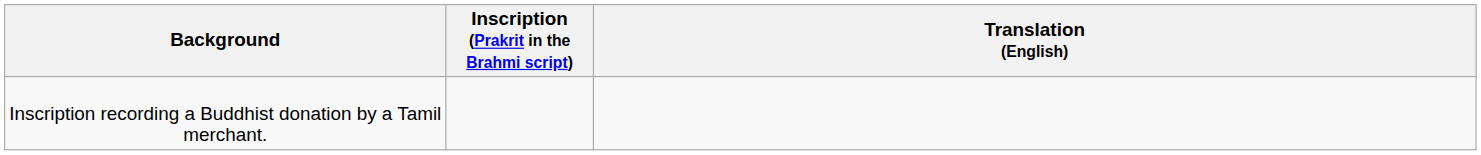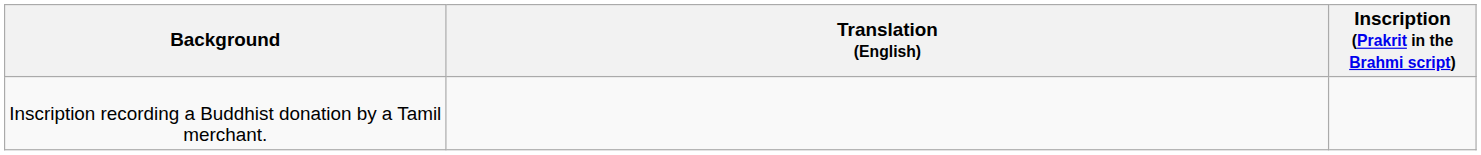 <table class="wikitable centre">
 <tr>
 <th scope="col" align=left>Background<br></th>
+<th>Translation<br><small>(English)</small></th>
 <th>Inscription<br><small>(<a href='#'>Prakrit</a> in the <a href='#'>Brahmi script</a>)</small></th>
-<th>Translation<br><small>(English)</small></th>
 </tr>
 <tr>
 <td align=center width="30%"><br>Inscription recording a Buddhist donation by a Tamil merchant.</td>
+<td align=left><br></td>
 <td align=center width="10%"></td>
-<td align=left><br></td>
 </tr>
 </table>
